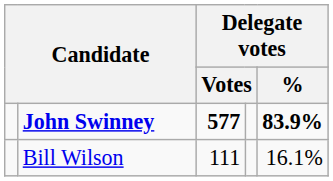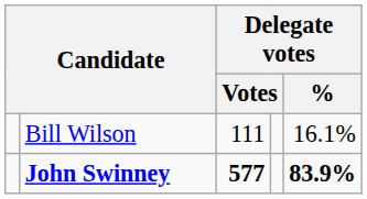 <table class=wikitable style="font-size:95%;">
 <tr>
 <th colspan="2" scope="col" rowspan="2" width="125">Candidate</th>
 <th scope="col" colspan="3" width="75">Delegate votes</th>
 </tr>
 <tr>
 <th scope="col" colspan="2">Votes</th>
 <th>%</th>
 </tr>
 <tr align="right">
 <td style="background-color: "></td>
+<td scope="row" align="left"><a href='#'>Bill Wilson</a></td>
+<td>111</td>
+<td align=center></td>
+<td>16.1%</td>
+</tr>
+<tr align="right">
+<td style="background-color: "></td>
 <td scope="row" align="left"><strong><a href='#'>John Swinney</a></strong> </td>
 <td><strong>577</strong></td>
 <td align=center></td>
 <td><strong>83.9%</strong></td>
 </tr>
-<tr align="right">
-<td style="background-color: "></td>
-<td scope="row" align="left"><a href='#'>Bill Wilson</a></td>
-<td>111</td>
-<td align=center></td>
-<td>16.1%</td>
-</tr>
 </table>
